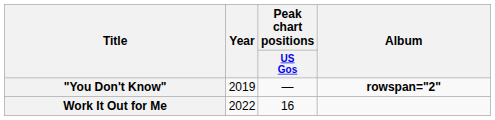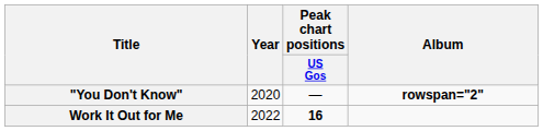 <table class="wikitable plainrowheaders" style="text-align:center;">
 <tr>
 <th scope="col" rowspan="2" style="width:18em;">Title</th>
 <th scope="col" rowspan="2">Year</th>
 <th scope="col">Peak chart positions</th>
 <th scope="col" rowspan="2" style="width:14em;">Album</th>
 </tr>
 <tr style="font-size:smaller;">
 <th scope="col" width="45"><a href='#'>US<br>Gos</a><br></th>
 </tr>
 <tr>
 <th scope="row">"You Don't Know"</th>
-<td>2019</td>
+<td>2020</td>
 <td>—</td>
 <td><strong>rowspan="2" </strong></td>
 </tr>
 <tr>
 <th scope="row">Work It Out for Me</th>
 <td>2022</td>
-<td>16</td>
+<td><strong>16</strong></td>
 </tr>
 </table>
